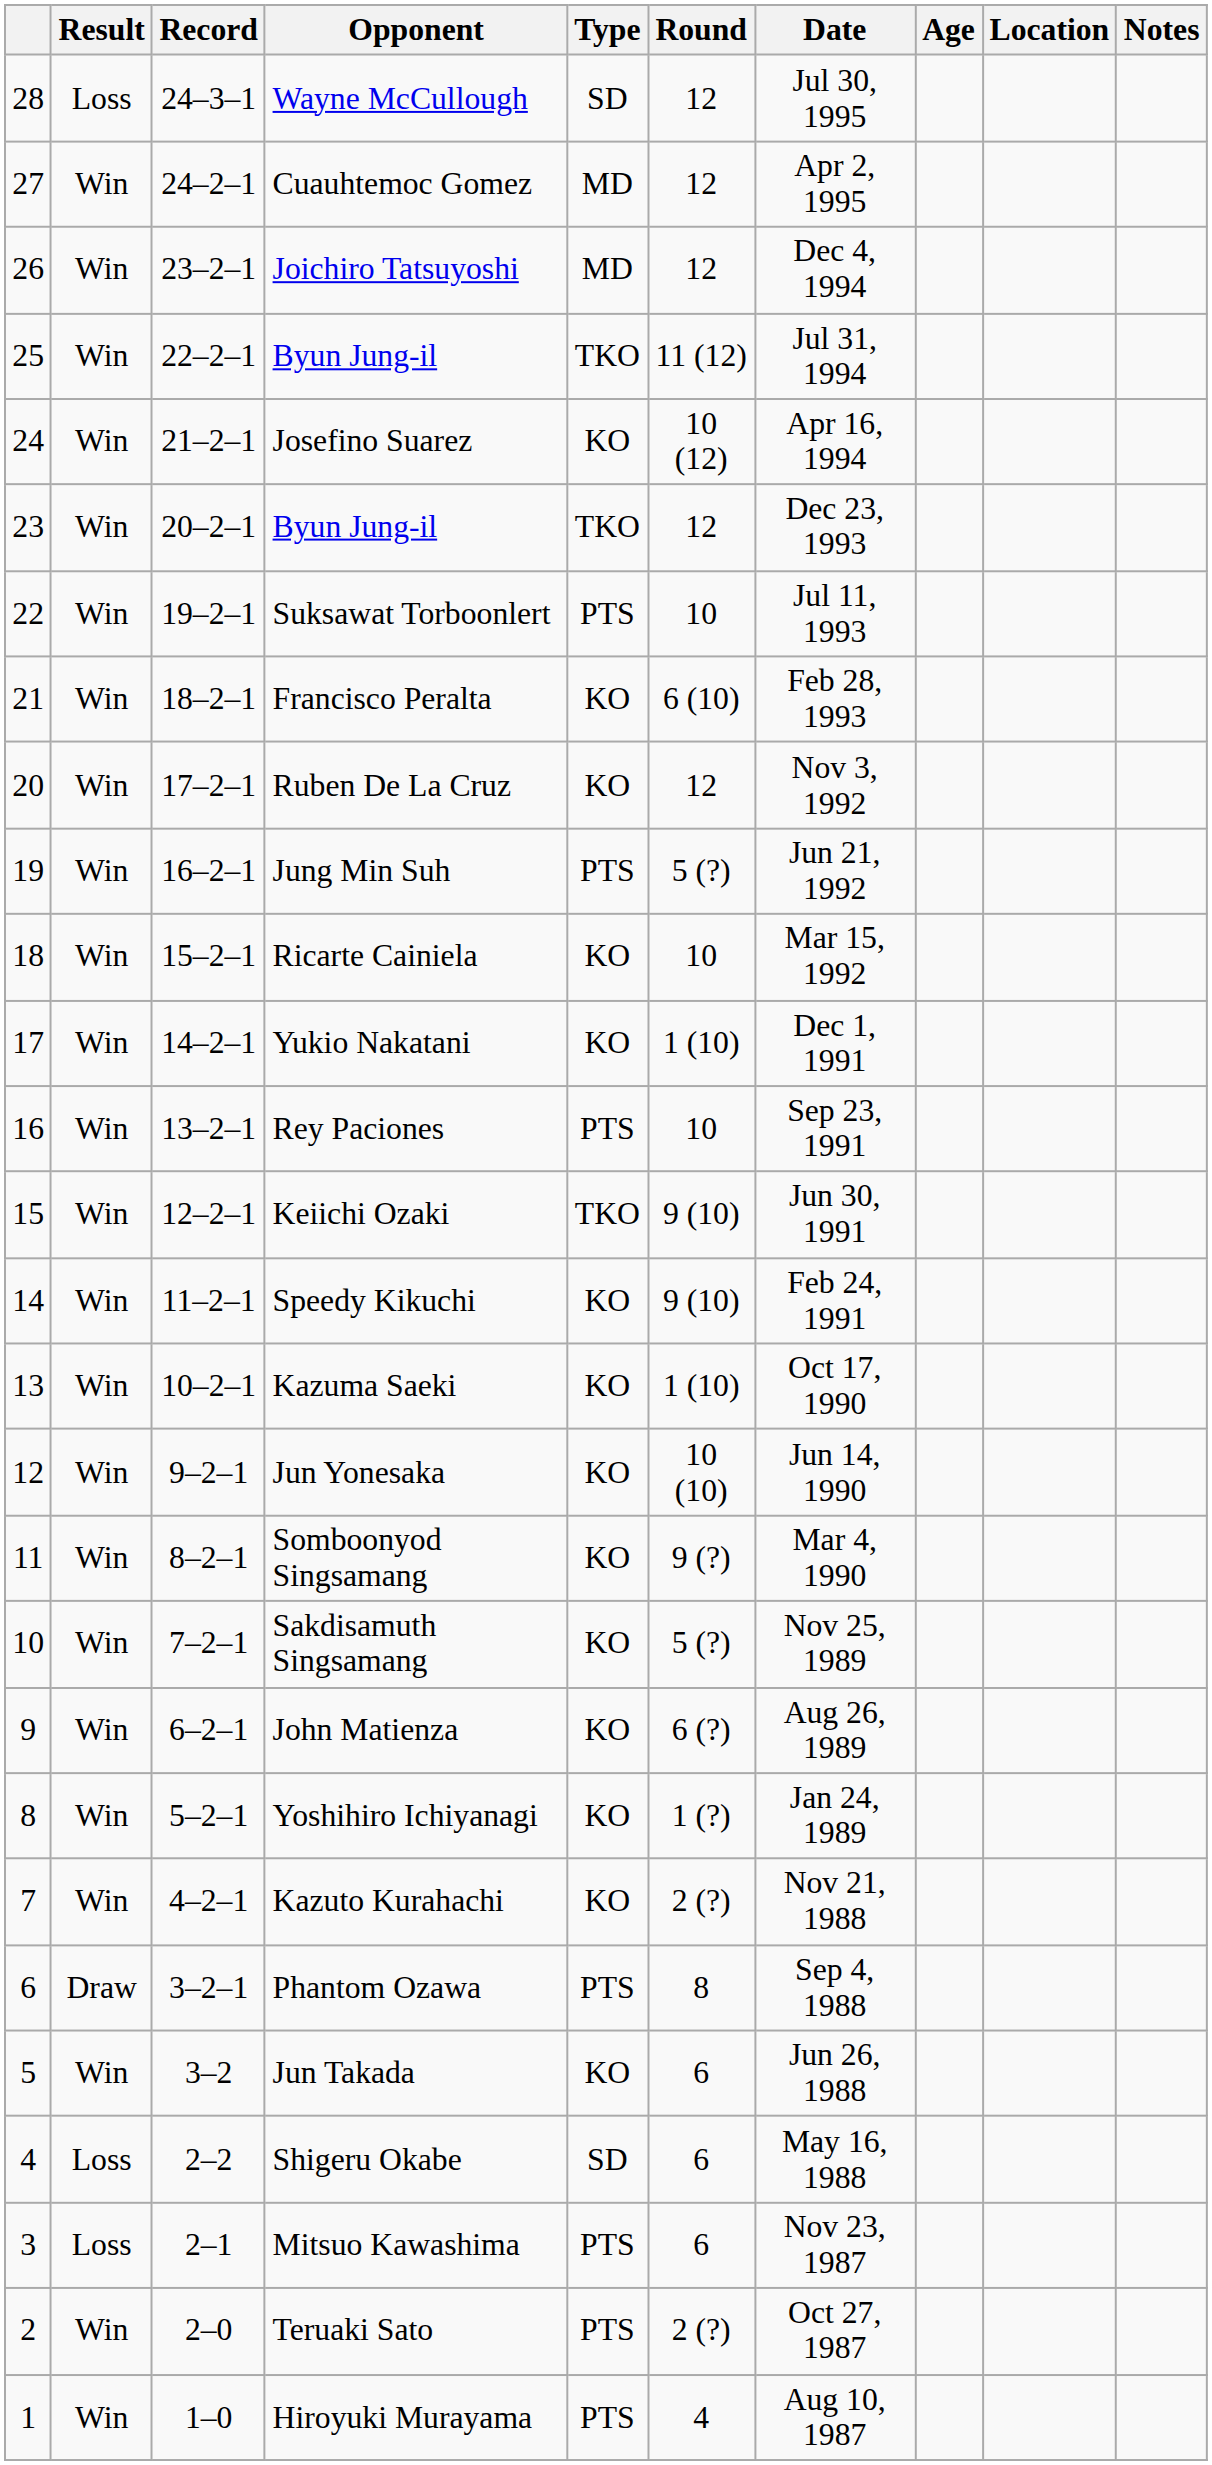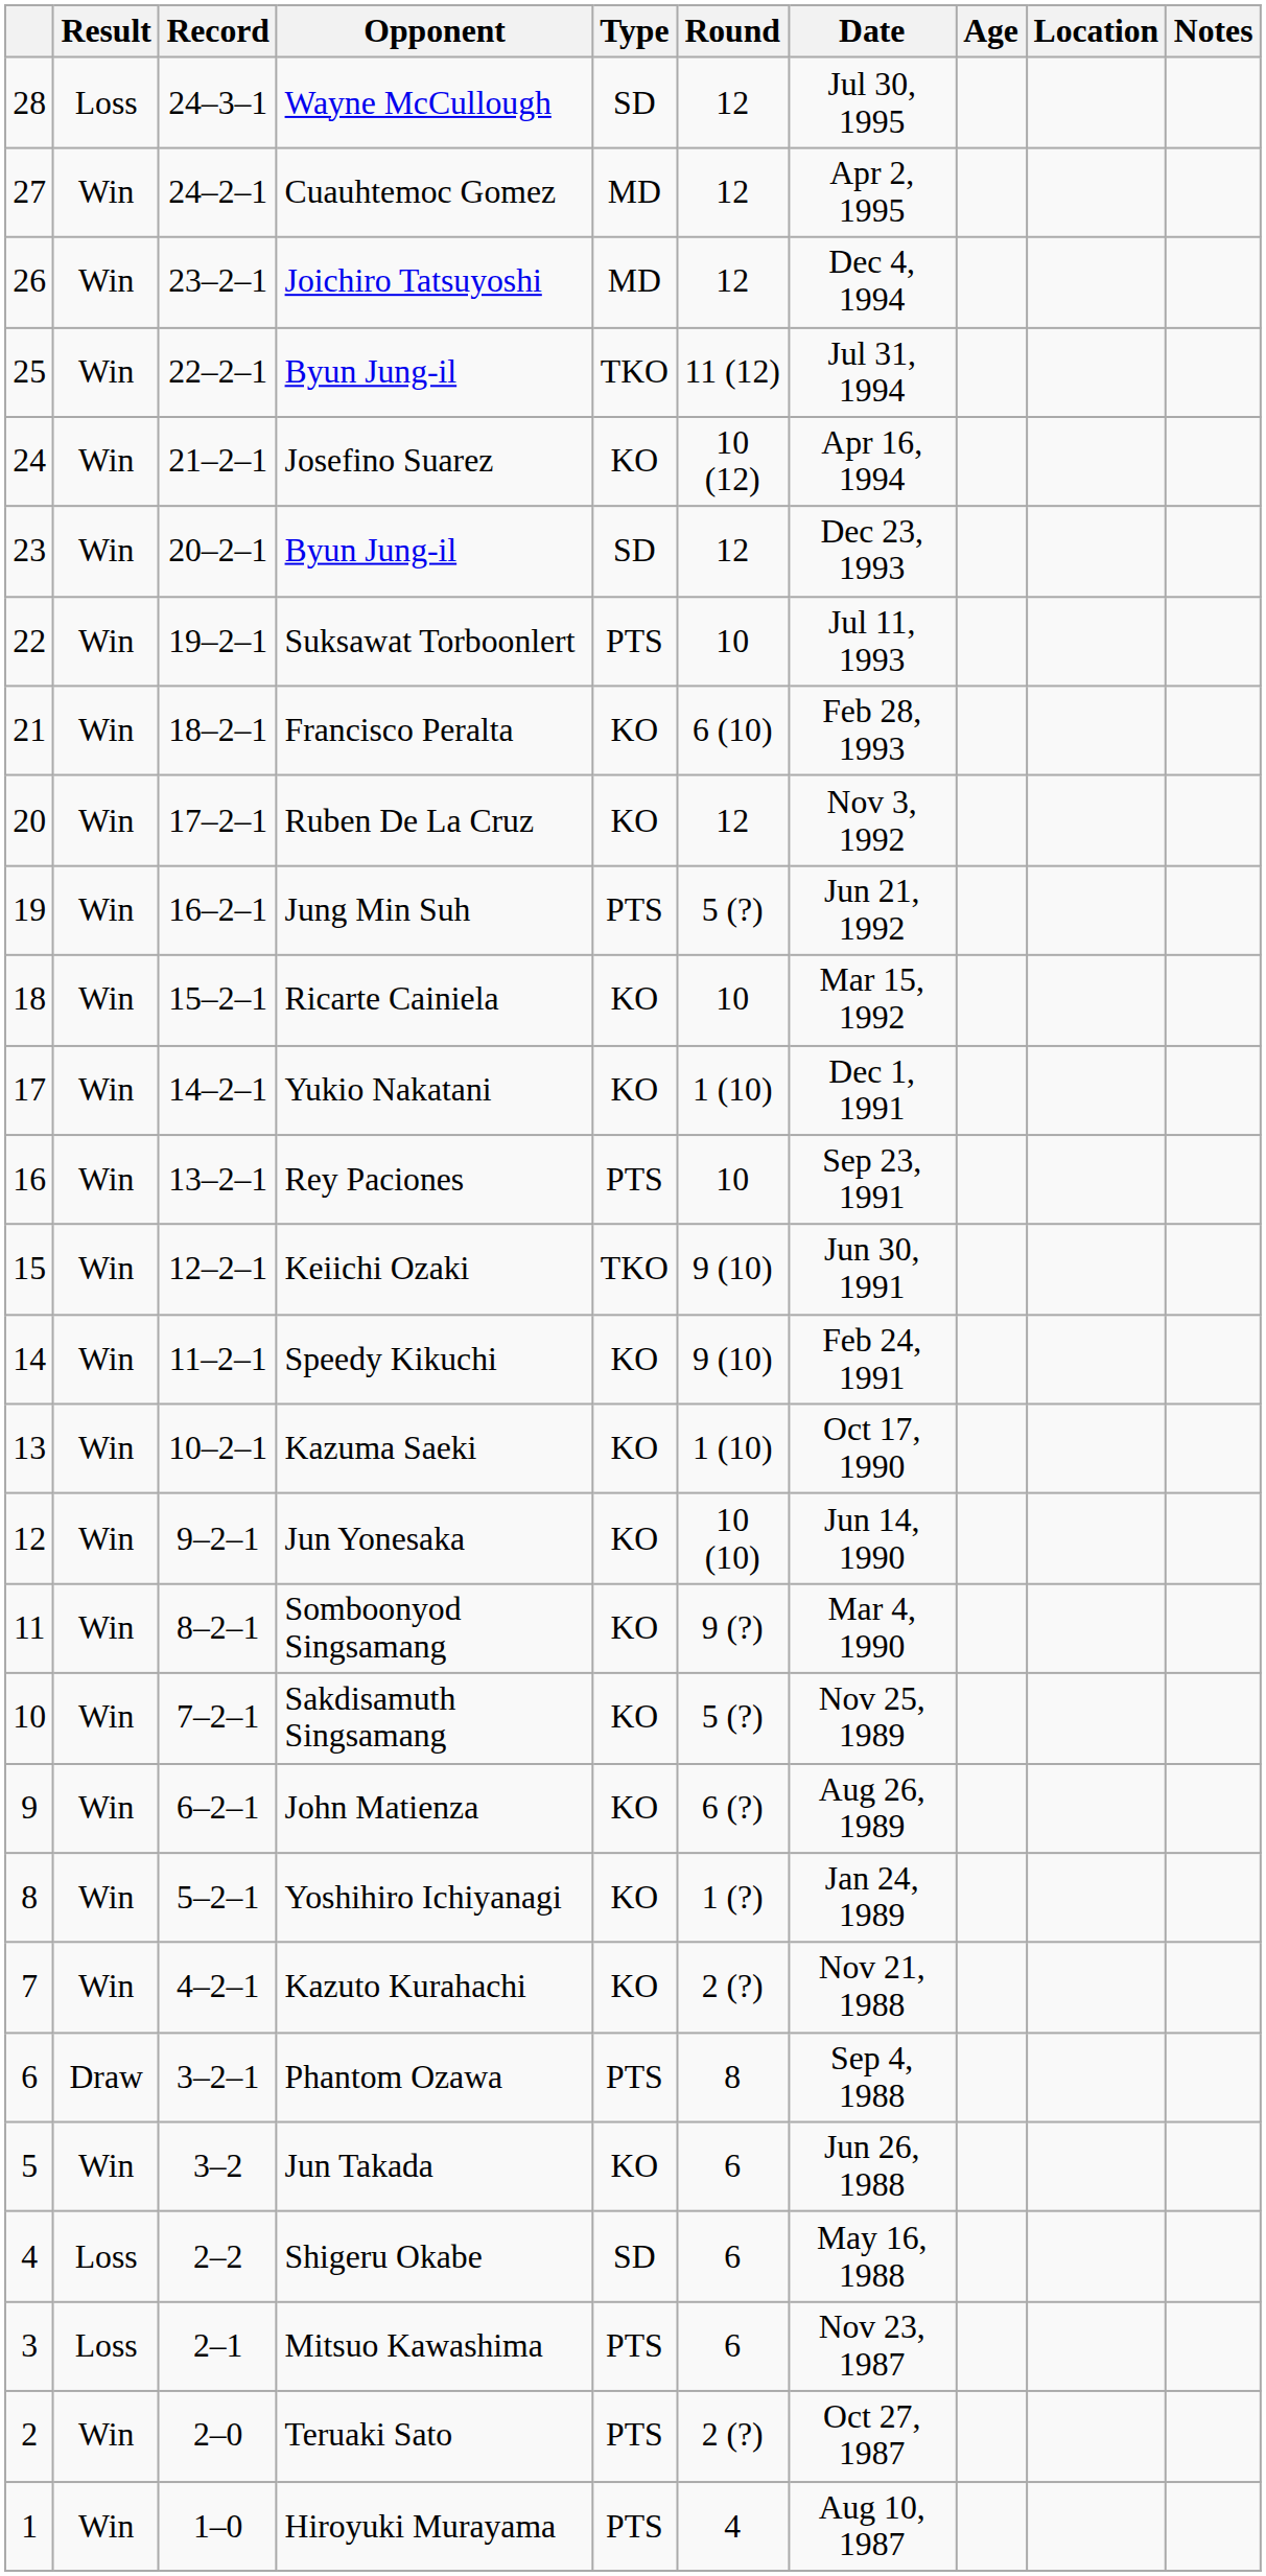 <table class="wikitable" style="text-align:center">
 <tr>
 <th></th>
 <th>Result</th>
 <th>Record</th>
 <th>Opponent</th>
 <th>Type</th>
 <th>Round</th>
 <th>Date</th>
 <th>Age</th>
 <th>Location</th>
 <th>Notes</th>
 </tr>
 <tr>
 <td>28</td>
 <td>Loss</td>
 <td>24–3–1</td>
 <td align=left> <a href='#'>Wayne McCullough</a></td>
 <td>SD</td>
 <td>12</td>
 <td>Jul 30, 1995</td>
 <td style="text-align:left;"></td>
 <td style="text-align:left;"> </td>
 <td style="text-align:left;"></td>
 </tr>
 <tr>
 <td>27</td>
 <td>Win</td>
 <td>24–2–1</td>
 <td align=left> Cuauhtemoc Gomez</td>
 <td>MD</td>
 <td>12</td>
 <td>Apr 2, 1995</td>
 <td style="text-align:left;"></td>
 <td style="text-align:left;"> </td>
 <td style="text-align:left;"></td>
 </tr>
 <tr>
 <td>26</td>
 <td>Win</td>
 <td>23–2–1</td>
 <td align=left> <a href='#'>Joichiro Tatsuyoshi</a></td>
 <td>MD</td>
 <td>12</td>
 <td>Dec 4, 1994</td>
 <td style="text-align:left;"></td>
 <td style="text-align:left;"> </td>
 <td style="text-align:left;"></td>
 </tr>
 <tr>
 <td>25</td>
 <td>Win</td>
 <td>22–2–1</td>
 <td align=left> <a href='#'>Byun Jung-il</a></td>
 <td>TKO</td>
 <td>11 (12)</td>
 <td>Jul 31, 1994</td>
 <td style="text-align:left;"></td>
 <td style="text-align:left;"> </td>
 <td style="text-align:left;"></td>
 </tr>
 <tr>
 <td>24</td>
 <td>Win</td>
 <td>21–2–1</td>
 <td align=left> Josefino Suarez</td>
 <td>KO</td>
 <td>10 (12)</td>
 <td>Apr 16, 1994</td>
 <td style="text-align:left;"></td>
 <td style="text-align:left;"> </td>
 <td style="text-align:left;"></td>
 </tr>
 <tr>
 <td>23</td>
 <td>Win</td>
 <td>20–2–1</td>
 <td align=left> <a href='#'>Byun Jung-il</a></td>
-<td>TKO</td>
+<td>SD</td>
 <td>12</td>
 <td>Dec 23, 1993</td>
 <td style="text-align:left;"></td>
 <td style="text-align:left;"> </td>
 <td style="text-align:left;"></td>
 </tr>
 <tr>
 <td>22</td>
 <td>Win</td>
 <td>19–2–1</td>
 <td align=left> Suksawat Torboonlert</td>
 <td>PTS</td>
 <td>10</td>
 <td>Jul 11, 1993</td>
 <td style="text-align:left;"></td>
 <td style="text-align:left;"> </td>
 <td></td>
 </tr>
 <tr>
 <td>21</td>
 <td>Win</td>
 <td>18–2–1</td>
 <td align=left> Francisco Peralta</td>
 <td>KO</td>
 <td>6 (10)</td>
 <td>Feb 28, 1993</td>
 <td style="text-align:left;"></td>
 <td style="text-align:left;"> </td>
 <td></td>
 </tr>
 <tr>
 <td>20</td>
 <td>Win</td>
 <td>17–2–1</td>
 <td align=left> Ruben De La Cruz</td>
 <td>KO</td>
 <td>12</td>
 <td>Nov 3, 1992</td>
 <td style="text-align:left;"></td>
 <td style="text-align:left;"> </td>
 <td></td>
 </tr>
 <tr>
 <td>19</td>
 <td>Win</td>
 <td>16–2–1</td>
 <td align=left> Jung Min Suh</td>
 <td>PTS</td>
 <td>5 (?)</td>
 <td>Jun 21, 1992</td>
 <td style="text-align:left;"></td>
 <td style="text-align:left;"> </td>
 <td></td>
 </tr>
 <tr>
 <td>18</td>
 <td>Win</td>
 <td>15–2–1</td>
 <td align=left> Ricarte Cainiela</td>
 <td>KO</td>
 <td>10</td>
 <td>Mar 15, 1992</td>
 <td style="text-align:left;"></td>
 <td style="text-align:left;"> </td>
 <td></td>
 </tr>
 <tr>
 <td>17</td>
 <td>Win</td>
 <td>14–2–1</td>
 <td align=left> Yukio Nakatani</td>
 <td>KO</td>
 <td>1 (10)</td>
 <td>Dec 1, 1991</td>
 <td style="text-align:left;"></td>
 <td style="text-align:left;"> </td>
 <td style="text-align:left;"></td>
 </tr>
 <tr>
 <td>16</td>
 <td>Win</td>
 <td>13–2–1</td>
 <td align=left> Rey Paciones</td>
 <td>PTS</td>
 <td>10</td>
 <td>Sep 23, 1991</td>
 <td style="text-align:left;"></td>
 <td style="text-align:left;"> </td>
 <td></td>
 </tr>
 <tr>
 <td>15</td>
 <td>Win</td>
 <td>12–2–1</td>
 <td align=left> Keiichi Ozaki</td>
 <td>TKO</td>
 <td>9 (10)</td>
 <td>Jun 30, 1991</td>
 <td style="text-align:left;"></td>
 <td style="text-align:left;"> </td>
 <td style="text-align:left;"></td>
 </tr>
 <tr>
 <td>14</td>
 <td>Win</td>
 <td>11–2–1</td>
 <td align=left> Speedy Kikuchi</td>
 <td>KO</td>
 <td>9 (10)</td>
 <td>Feb 24, 1991</td>
 <td style="text-align:left;"></td>
 <td style="text-align:left;"> </td>
 <td></td>
 </tr>
 <tr>
 <td>13</td>
 <td>Win</td>
 <td>10–2–1</td>
 <td align=left> Kazuma Saeki</td>
 <td>KO</td>
 <td>1 (10)</td>
 <td>Oct 17, 1990</td>
 <td style="text-align:left;"></td>
 <td style="text-align:left;"> </td>
 <td></td>
 </tr>
 <tr>
 <td>12</td>
 <td>Win</td>
 <td>9–2–1</td>
 <td align=left> Jun Yonesaka</td>
 <td>KO</td>
 <td>10 (10)</td>
 <td>Jun 14, 1990</td>
 <td style="text-align:left;"></td>
 <td style="text-align:left;"> </td>
 <td style="text-align:left;"></td>
 </tr>
 <tr>
 <td>11</td>
 <td>Win</td>
 <td>8–2–1</td>
 <td align=left> Somboonyod Singsamang</td>
 <td>KO</td>
 <td>9 (?)</td>
 <td>Mar 4, 1990</td>
 <td style="text-align:left;"></td>
 <td style="text-align:left;"> </td>
 <td></td>
 </tr>
 <tr>
 <td>10</td>
 <td>Win</td>
 <td>7–2–1</td>
 <td align=left> Sakdisamuth Singsamang</td>
 <td>KO</td>
 <td>5 (?)</td>
 <td>Nov 25, 1989</td>
 <td style="text-align:left;"></td>
 <td style="text-align:left;"> </td>
 <td></td>
 </tr>
 <tr>
 <td>9</td>
 <td>Win</td>
 <td>6–2–1</td>
 <td align=left> John Matienza</td>
 <td>KO</td>
 <td>6 (?)</td>
 <td>Aug 26, 1989</td>
 <td style="text-align:left;"></td>
 <td style="text-align:left;"> </td>
 <td></td>
 </tr>
 <tr>
 <td>8</td>
 <td>Win</td>
 <td>5–2–1</td>
 <td align=left> Yoshihiro Ichiyanagi</td>
 <td>KO</td>
 <td>1 (?)</td>
 <td>Jan 24, 1989</td>
 <td style="text-align:left;"></td>
 <td style="text-align:left;"> </td>
 <td></td>
 </tr>
 <tr>
 <td>7</td>
 <td>Win</td>
 <td>4–2–1</td>
 <td align=left> Kazuto Kurahachi</td>
 <td>KO</td>
 <td>2 (?)</td>
 <td>Nov 21, 1988</td>
 <td style="text-align:left;"></td>
 <td style="text-align:left;"> </td>
 <td></td>
 </tr>
 <tr>
 <td>6</td>
 <td>Draw</td>
 <td>3–2–1</td>
 <td align=left> Phantom Ozawa</td>
 <td>PTS</td>
 <td>8</td>
 <td>Sep 4, 1988</td>
 <td style="text-align:left;"></td>
 <td style="text-align:left;"> </td>
 <td></td>
 </tr>
 <tr>
 <td>5</td>
 <td>Win</td>
 <td>3–2</td>
 <td align=left> Jun Takada</td>
 <td>KO</td>
 <td>6</td>
 <td>Jun 26, 1988</td>
 <td style="text-align:left;"></td>
 <td style="text-align:left;"> </td>
 <td></td>
 </tr>
 <tr>
 <td>4</td>
 <td>Loss</td>
 <td>2–2</td>
 <td align=left> Shigeru Okabe</td>
 <td>SD</td>
 <td>6</td>
 <td>May 16, 1988</td>
 <td style="text-align:left;"></td>
 <td style="text-align:left;"> </td>
 <td></td>
 </tr>
 <tr>
 <td>3</td>
 <td>Loss</td>
 <td>2–1</td>
 <td align=left> Mitsuo Kawashima</td>
 <td>PTS</td>
 <td>6</td>
 <td>Nov 23, 1987</td>
 <td style="text-align:left;"></td>
 <td style="text-align:left;"> </td>
 <td></td>
 </tr>
 <tr>
 <td>2</td>
 <td>Win</td>
 <td>2–0</td>
 <td align=left> Teruaki Sato</td>
 <td>PTS</td>
 <td>2 (?)</td>
 <td>Oct 27, 1987</td>
 <td style="text-align:left;"></td>
 <td style="text-align:left;"> </td>
 <td></td>
 </tr>
 <tr>
 <td>1</td>
 <td>Win</td>
 <td>1–0</td>
 <td align=left> Hiroyuki Murayama</td>
 <td>PTS</td>
 <td>4</td>
 <td>Aug 10, 1987</td>
 <td style="text-align:left;"></td>
 <td style="text-align:left;"> </td>
 <td></td>
 </tr>
 <tr>
 </tr>
 </table>
